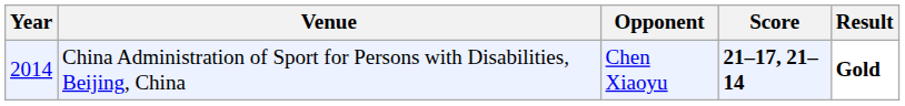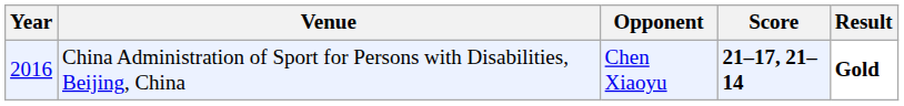 <table class="sortable wikitable" style="font-size: 90%;">
 <tr>
 <th>Year</th>
 <th>Venue</th>
 <th>Opponent</th>
 <th>Score</th>
 <th>Result</th>
 </tr>
 <tr style="background:#ECF2FF">
-<td align="center"><a href='#'>2014</a></td>
+<td align="center"><a href='#'>2016</a></td>
 <td align="left">China Administration of Sport for Persons with Disabilities, <a href='#'>Beijing</a>, China</td>
 <td align="left"> <a href='#'>Chen Xiaoyu</a></td>
 <td align="left"><strong>21–17, 21–14</strong></td>
 <td style="text-align:left; background:white"> <strong>Gold</strong></td>
 </tr>
 </table>
